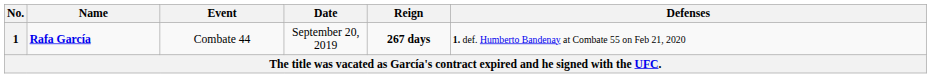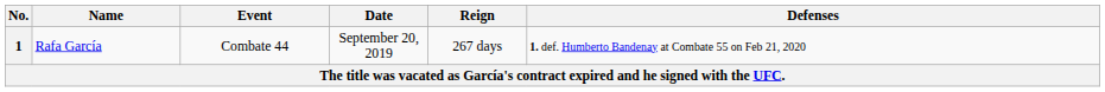 <table class="wikitable" width=100%>
 <tr>
 <th style="width:2%;">No.</th>
 <th>Name</th>
 <th>Event</th>
 <th style="width:9%;">Date</th>
 <th style="width:9%;">Reign</th>
 <th>Defenses</th>
 </tr>
 <tr>
 <th>1</th>
-<td align=left><strong> <a href='#'>Rafa García</a> <br></strong></td>
+<td align=left> <a href='#'>Rafa García</a> <br></td>
 <td align=center>Combate 44 <br></td>
 <td align=center>September 20, 2019</td>
-<td align=center><strong>267 days</strong></td>
+<td align=center>267 days</td>
 <td><small><strong>1.</strong> def. <a href='#'>Humberto Bandenay</a> at Combate 55 on Feb 21, 2020</small></td>
 </tr>
 <tr>
 <th align="center" colspan="6">The title was vacated as García's contract expired and he signed with the <a href='#'>UFC</a>.</th>
 </tr>
 </table>
